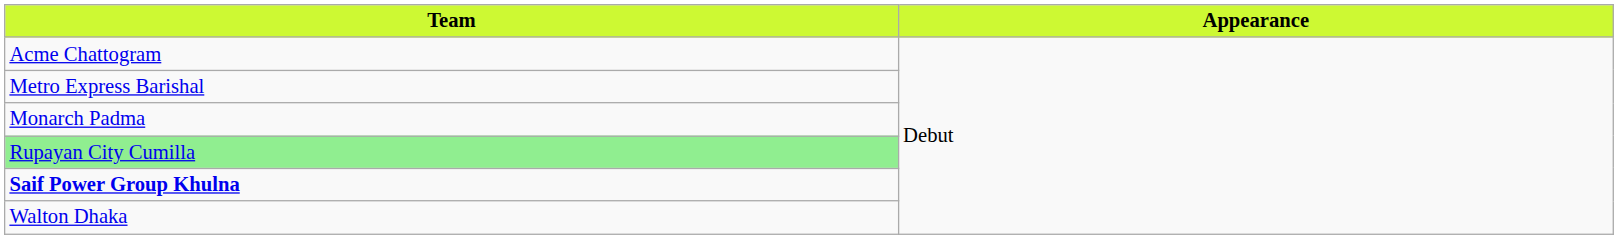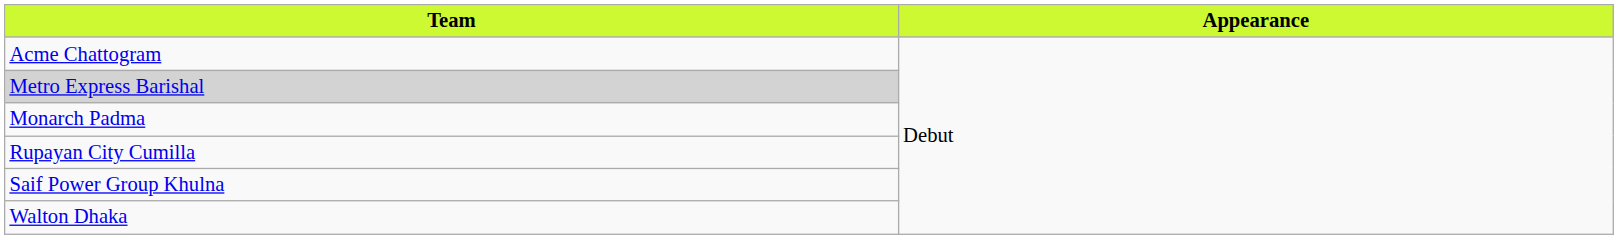 <table class="wikitable sortable" style="text-align: left;">
 <tr>
 <th style="width:10%; color:#000000; background:#cdf933;">Team</th>
 <th style="width:8%; color:##000000; background:#cdf933;">Appearance</th>
 </tr>
 <tr>
 <td><a href='#'>Acme Chattogram</a></td>
 <td rowspan="6">Debut</td>
 </tr>
 <tr>
-<td><a href='#'>Metro Express Barishal</a></td>
+<td style="background: lightgrey;"><a href='#'>Metro Express Barishal</a></td>
 </tr>
 <tr>
 <td><a href='#'>Monarch Padma</a></td>
 </tr>
 <tr>
-<td style="background: lightgreen;"><a href='#'>Rupayan City Cumilla</a></td>
+<td><a href='#'>Rupayan City Cumilla</a></td>
 </tr>
 <tr>
-<td><strong><a href='#'>Saif Power Group Khulna</a></strong></td>
+<td><a href='#'>Saif Power Group Khulna</a></td>
 </tr>
 <tr>
 <td><a href='#'>Walton Dhaka</a></td>
 </tr>
 </table>
